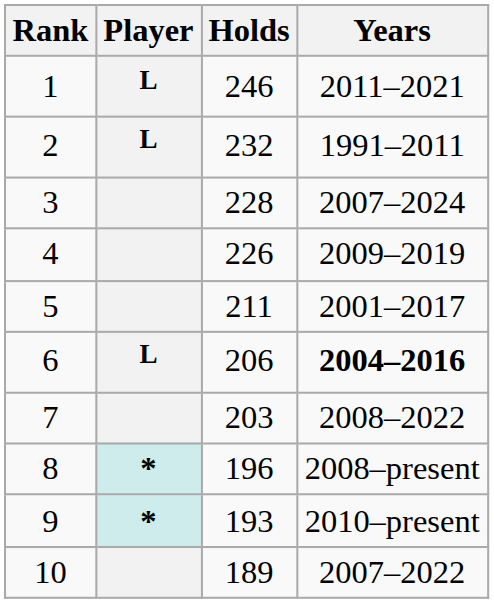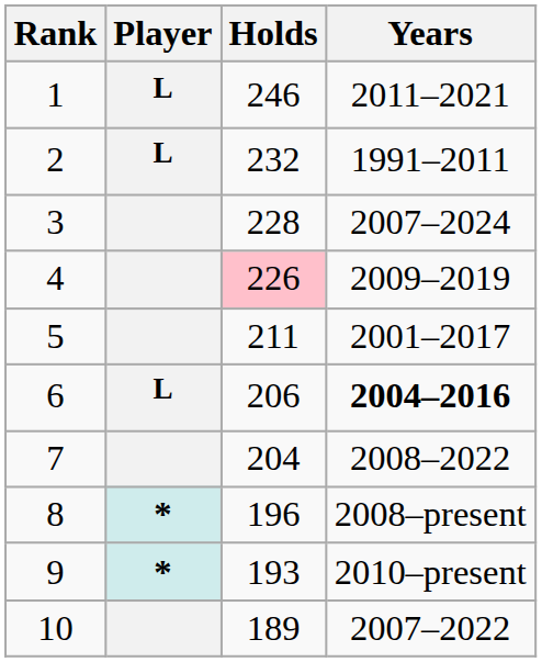 <table class="wikitable sortable plainrowheaders" style="text-align:center">
 <tr>
 <th>Rank</th>
 <th>Player</th>
 <th>Holds</th>
 <th>Years</th>
 </tr>
 <tr>
 <td>1</td>
 <th scope="row" style="text-align:center"><sup>L</sup></th>
 <td>246</td>
 <td>2011–2021</td>
 </tr>
 <tr>
 <td>2</td>
 <th scope="row" style="text-align:center"><sup>L</sup></th>
 <td>232</td>
 <td>1991–2011</td>
 </tr>
 <tr>
 <td>3</td>
 <th scope="row" style="text-align:center;"></th>
 <td>228</td>
 <td>2007–2024</td>
 </tr>
 <tr>
 <td>4</td>
 <th scope="row" style="text-align:center;"></th>
-<td>226</td>
+<td style="background: pink;">226</td>
 <td>2009–2019</td>
 </tr>
 <tr>
 <td>5</td>
 <th scope="row" style="text-align:center"></th>
 <td>211</td>
 <td>2001–2017</td>
 </tr>
 <tr>
 <td>6</td>
 <th scope="row" style="text-align:center"><sup>L</sup></th>
 <td>206</td>
 <td><strong>2004–2016</strong></td>
 </tr>
 <tr>
 <td>7</td>
 <th scope="row" style="text-align:center"></th>
-<td>203</td>
+<td>204</td>
 <td>2008–2022</td>
 </tr>
 <tr>
 <td>8</td>
 <th scope="row" style="text-align:center; background:#cfecec;">*</th>
 <td>196</td>
 <td>2008–present</td>
 </tr>
 <tr>
 <td>9</td>
 <th scope="row" style="text-align:center; background:#cfecec;">*</th>
 <td>193</td>
 <td>2010–present</td>
 </tr>
 <tr>
 <td>10</td>
 <th scope="row" style="text-align:center "></th>
 <td>189</td>
 <td>2007–2022</td>
 </tr>
 </table>
